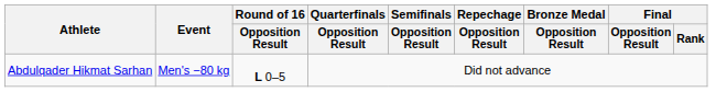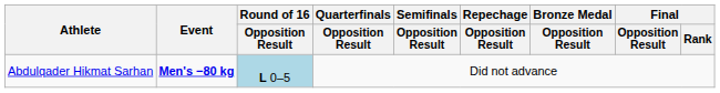 <table class="wikitable" style="font-size:90%">
 <tr>
 <th rowspan="2">Athlete</th>
 <th rowspan="2">Event</th>
 <th>Round of 16</th>
 <th>Quarterfinals</th>
 <th>Semifinals</th>
 <th>Repechage</th>
 <th>Bronze Medal</th>
 <th colspan=2>Final</th>
 </tr>
 <tr style="font-size:95%">
 <th>Opposition<br>Result</th>
 <th>Opposition<br>Result</th>
 <th>Opposition<br>Result</th>
 <th>Opposition<br>Result</th>
 <th>Opposition<br>Result</th>
 <th>Opposition<br>Result</th>
 <th>Rank</th>
 </tr>
 <tr align=center>
 <td align=left><a href='#'>Abdulqader Hikmat Sarhan</a></td>
-<td align=left><a href='#'>Men's −80 kg</a></td>
-<td><br><strong>L</strong> 0–5</td>
+<td align=left><strong><a href='#'>Men's −80 kg</a></strong></td>
+<td style="background: lightblue;"><br><strong>L</strong> 0–5</td>
 <td colspan=6>Did not advance</td>
 </tr>
 </table>
